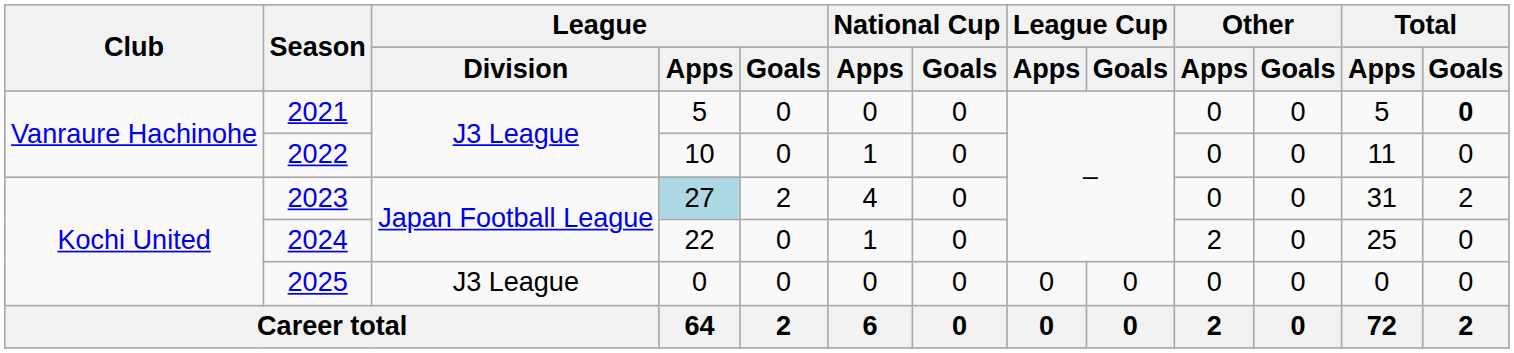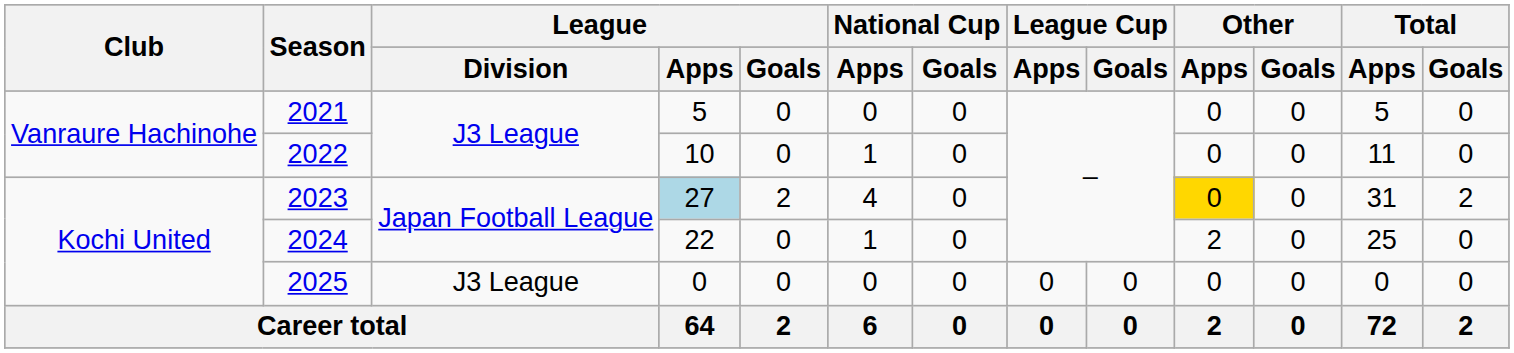 <table class="wikitable" style="text-align: center">
 <tr>
 <th rowspan="2">Club</th>
 <th rowspan="2">Season</th>
 <th colspan="3">League</th>
 <th colspan="2">National Cup</th>
 <th colspan="2">League Cup</th>
 <th colspan="2">Other</th>
 <th colspan="2">Total</th>
 </tr>
 <tr>
 <th>Division</th>
 <th>Apps</th>
 <th>Goals</th>
 <th>Apps</th>
 <th>Goals</th>
 <th>Apps</th>
 <th>Goals</th>
 <th>Apps</th>
 <th>Goals</th>
 <th>Apps</th>
 <th>Goals</th>
 </tr>
 <tr>
 <td rowspan="2"><a href='#'>Vanraure Hachinohe</a></td>
 <td><a href='#'>2021</a></td>
 <td rowspan="2"><a href='#'>J3 League</a></td>
 <td>5</td>
 <td>0</td>
 <td>0</td>
 <td>0</td>
 <td rowspan="4" colspan="2">–</td>
 <td>0</td>
 <td>0</td>
 <td>5</td>
-<td><strong>0</strong></td>
+<td>0</td>
 </tr>
 <tr>
 <td><a href='#'>2022</a></td>
 <td>10</td>
 <td>0</td>
 <td>1</td>
 <td>0</td>
 <td>0</td>
 <td>0</td>
 <td>11</td>
 <td>0</td>
 </tr>
 <tr>
 <td rowspan="3"><a href='#'>Kochi United</a></td>
 <td><a href='#'>2023</a></td>
 <td rowspan="2"><a href='#'>Japan Football League</a></td>
 <td style="background: lightblue;">27</td>
 <td>2</td>
 <td>4</td>
 <td>0</td>
-<td>0</td>
+<td style="background: gold;">0</td>
 <td>0</td>
 <td>31</td>
 <td>2</td>
 </tr>
 <tr>
 <td><a href='#'>2024</a></td>
 <td>22</td>
 <td>0</td>
 <td>1</td>
 <td>0</td>
 <td>2</td>
 <td>0</td>
 <td>25</td>
 <td>0</td>
 </tr>
 <tr>
 <td><a href='#'>2025</a></td>
 <td>J3 League</td>
 <td>0</td>
 <td>0</td>
 <td>0</td>
 <td>0</td>
 <td>0</td>
 <td>0</td>
 <td>0</td>
 <td>0</td>
 <td>0</td>
 <td>0</td>
 </tr>
 <tr>
 <th colspan=3>Career total</th>
 <th>64</th>
 <th>2</th>
 <th>6</th>
 <th>0</th>
 <th>0</th>
 <th>0</th>
 <th>2</th>
 <th>0</th>
 <th>72</th>
 <th>2</th>
 </tr>
 </table>
